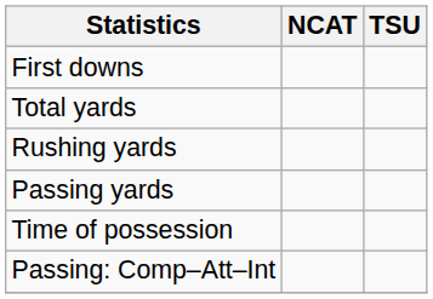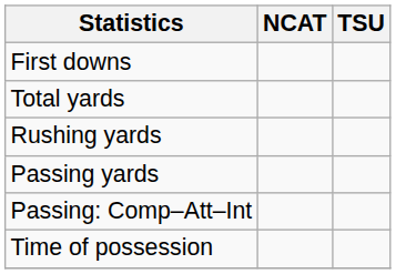 <table class="wikitable" style="float: left;">
 <tr>
 <th>Statistics</th>
 <th>NCAT</th>
 <th>TSU</th>
 </tr>
 <tr>
 <td>First downs</td>
 <td></td>
 <td></td>
 </tr>
 <tr>
 <td>Total yards</td>
 <td></td>
 <td></td>
 </tr>
 <tr>
 <td>Rushing yards</td>
 <td></td>
 <td></td>
 </tr>
 <tr>
 <td>Passing yards</td>
 <td></td>
 <td></td>
 </tr>
 <tr>
-<td>Time of possession</td>
+<td>Passing: Comp–Att–Int</td>
 <td></td>
 <td></td>
 </tr>
 <tr>
-<td>Passing: Comp–Att–Int</td>
+<td>Time of possession</td>
 <td></td>
 <td></td>
 </tr>
 <tr>
 </tr>
 </table>
